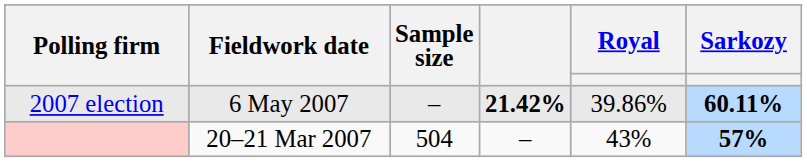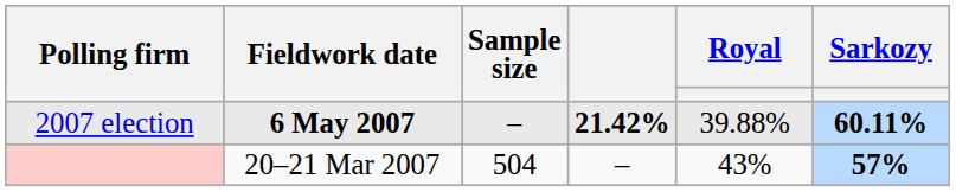 <table class="wikitable sortable" style="text-align:center;font-size:90%;line-height:14px;">
 <tr style="height:40px;">
 <th style="width:100px;" rowspan="2">Polling firm</th>
 <th style="width:110px;" rowspan="2">Fieldwork date</th>
 <th style="width:35px;" rowspan="2">Sample<br>size</th>
 <th style="width:30px;" rowspan="2"></th>
 <th class="unsortable" style="width:60px;"><a href='#'>Royal</a><br></th>
 <th class="unsortable" style="width:60px;"><a href='#'>Sarkozy</a><br></th>
 </tr>
 <tr>
 <th style="background:"></th>
 <th style="background:"></th>
 </tr>
 <tr style="background:#E9E9E9;">
 <td><a href='#'>2007 election</a></td>
-<td data-sort-value="2007-05-06">6 May 2007</td>
+<td data-sort-value="2007-05-06"><strong>6 May 2007</strong></td>
 <td>–</td>
 <td><strong>21.42%</strong></td>
-<td>39.86%</td>
+<td>39.88%</td>
 <td style="background:#B9DAFF;"><strong>60.11%</strong></td>
 </tr>
 <tr>
 <td style="background:#FFCCCC;"></td>
 <td data-sort-value="2007-03-21">20–21 Mar 2007</td>
 <td>504</td>
 <td>–</td>
 <td>43%</td>
 <td style="background:#B9DAFF;"><strong>57%</strong></td>
 </tr>
 </table>
